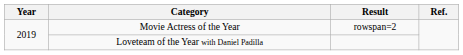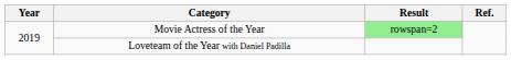 <table class="wikitable sortable"  style="text-align:center; width:60%;">
 <tr>
 <th>Year</th>
 <th>Category</th>
 <th>Result</th>
 <th>Ref.</th>
 </tr>
 <tr>
 <td rowspan=2>2019</td>
 <td>Movie Actress of the Year</td>
-<td>rowspan=2 </td>
+<td style="background: lightgreen;">rowspan=2 </td>
 <td rowspan=2></td>
 </tr>
 <tr>
 <td>Loveteam of the Year <small>with Daniel Padilla</small></td>
 </tr>
 </table>
